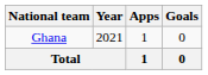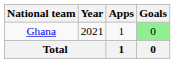 <table class="wikitable" style="font-size:100%; text-align: center">
 <tr>
 <th>National team</th>
 <th>Year</th>
 <th>Apps</th>
 <th>Goals</th>
 </tr>
 <tr>
 <td rowspan="1"><a href='#'>Ghana</a></td>
 <td>2021</td>
 <td>1</td>
-<td>0</td>
+<td style="background: lightgreen;">0</td>
 </tr>
 <tr>
 <th colspan=2>Total</th>
 <th>1</th>
 <th>0</th>
 </tr>
 </table>
